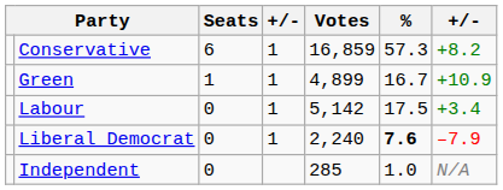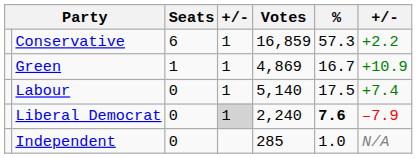 <table class="wikitable">
 <tr>
 <th colspan="2">Party</th>
 <th>Seats</th>
 <th>+/-</th>
 <th>Votes</th>
 <th>%</th>
 <th>+/-</th>
 </tr>
 <tr>
 <td style="background-color: "></td>
 <td><a href='#'>Conservative</a></td>
 <td>6</td>
 <td> 1</td>
 <td>16,859</td>
 <td>57.3</td>
-<td style="color:green">+8.2</td>
+<td style="color:green">+2.2</td>
 </tr>
 <tr>
 <td style="background-color: "></td>
 <td><a href='#'>Green</a></td>
 <td>1</td>
 <td> 1</td>
-<td>4,899</td>
+<td>4,869</td>
 <td>16.7</td>
 <td style="color:green">+10.9</td>
 </tr>
 <tr>
 <td style="background-color: "></td>
 <td><a href='#'>Labour</a></td>
 <td>0</td>
 <td> 1</td>
-<td>5,142</td>
+<td>5,140</td>
 <td>17.5</td>
-<td style="color:green">+3.4</td>
+<td style="color:green">+7.4</td>
 </tr>
 <tr>
 <td style="background-color: "></td>
 <td><a href='#'>Liberal Democrat</a></td>
 <td>0</td>
-<td> 1</td>
+<td style="background: lightgrey;"> 1</td>
 <td>2,240</td>
 <td><strong>7.6</strong></td>
 <td style="color:red">–7.9</td>
 </tr>
 <tr>
 <td style="background-color: "></td>
 <td><a href='#'>Independent</a></td>
 <td>0</td>
 <td></td>
 <td>285</td>
 <td>1.0</td>
 <td span style="color:grey"><em>N/A</em></td>
 </tr>
 </table>
